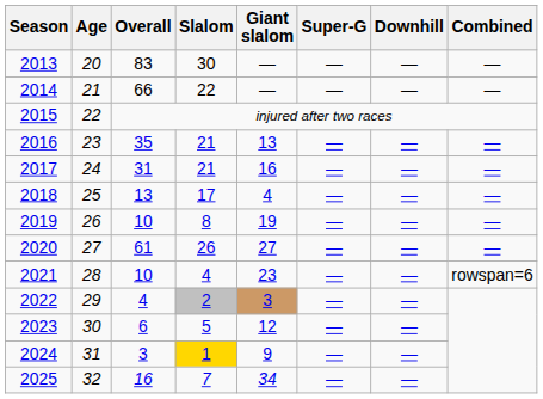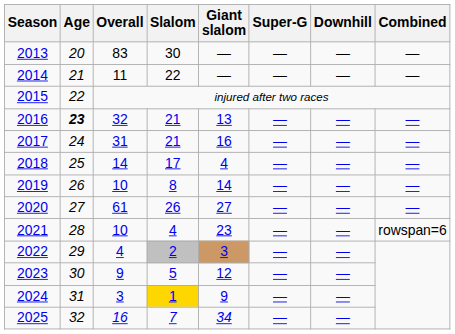 <table class=wikitable style="text-align:center">
 <tr>
 <th>Season</th>
 <th>Age</th>
 <th>Overall</th>
 <th>Slalom</th>
 <th>Giant<br>slalom</th>
 <th>Super-G</th>
 <th>Downhill</th>
 <th>Combined</th>
 </tr>
 <tr>
 <td><a href='#'>2013</a></td>
 <td><em>20</em></td>
 <td>83</td>
 <td>30</td>
 <td>—</td>
 <td>—</td>
 <td>—</td>
 <td>—</td>
 </tr>
 <tr>
 <td><a href='#'>2014</a></td>
 <td><em>21</em></td>
-<td>66</td>
+<td>11</td>
 <td>22</td>
 <td>—</td>
 <td>—</td>
 <td>—</td>
 <td>—</td>
 </tr>
 <tr>
 <td><a href='#'>2015</a></td>
 <td><em>22</em></td>
 <td colspan="6"><small><em>injured after two races</em></small></td>
 </tr>
 <tr>
 <td><a href='#'>2016</a></td>
-<td><em>23</em></td>
-<td><a href='#'>35</a></td>
+<td><strong><em>23</em></strong></td>
+<td><a href='#'>32</a></td>
 <td><a href='#'>21</a></td>
 <td><a href='#'>13</a></td>
 <td><a href='#'>—</a></td>
 <td><a href='#'>—</a></td>
 <td><a href='#'>—</a></td>
 </tr>
 <tr>
 <td><a href='#'>2017</a></td>
 <td><em>24</em></td>
 <td><a href='#'>31</a></td>
 <td><a href='#'>21</a></td>
 <td><a href='#'>16</a></td>
 <td><a href='#'>—</a></td>
 <td><a href='#'>—</a></td>
 <td><a href='#'>—</a></td>
 </tr>
 <tr>
 <td><a href='#'>2018</a></td>
 <td><em>25</em></td>
-<td><a href='#'>13</a></td>
+<td><a href='#'>14</a></td>
 <td><a href='#'>17</a></td>
 <td><a href='#'>4</a></td>
 <td><a href='#'>—</a></td>
 <td><a href='#'>—</a></td>
 <td><a href='#'>—</a></td>
 </tr>
 <tr>
 <td><a href='#'>2019</a></td>
 <td><em>26</em></td>
 <td><a href='#'>10</a></td>
 <td><a href='#'>8</a></td>
-<td><a href='#'>19</a></td>
+<td><a href='#'>14</a></td>
 <td><a href='#'>—</a></td>
 <td><a href='#'>—</a></td>
 <td><a href='#'>—</a></td>
 </tr>
 <tr>
 <td><a href='#'>2020</a></td>
 <td><em>27</em></td>
 <td><a href='#'>61</a></td>
 <td><a href='#'>26</a></td>
 <td><a href='#'>27</a></td>
 <td><a href='#'>—</a></td>
 <td><a href='#'>—</a></td>
 <td><a href='#'>—</a></td>
 </tr>
 <tr>
 <td><a href='#'>2021</a></td>
 <td><em>28</em></td>
 <td><a href='#'>10</a></td>
 <td><a href='#'>4</a></td>
 <td><a href='#'>23</a></td>
 <td><a href='#'>—</a></td>
 <td><a href='#'>—</a></td>
 <td>rowspan=6 </td>
 </tr>
 <tr>
 <td><a href='#'>2022</a></td>
 <td><em>29</em></td>
 <td><a href='#'>4</a></td>
 <td bgcolor="silver"><a href='#'>2</a></td>
 <td bgcolor="#c96"><a href='#'>3</a></td>
 <td><a href='#'>—</a></td>
 <td><a href='#'>—</a></td>
 </tr>
 <tr>
 <td><a href='#'>2023</a></td>
 <td><em>30</em></td>
-<td><a href='#'>6</a></td>
+<td><a href='#'>9</a></td>
 <td><a href='#'>5</a></td>
 <td><a href='#'>12</a></td>
 <td><a href='#'>—</a></td>
 <td><a href='#'>—</a></td>
 </tr>
 <tr>
 <td><a href='#'>2024</a></td>
 <td><em>31</em></td>
 <td><a href='#'>3</a></td>
 <td bgcolor="gold"><a href='#'>1</a></td>
 <td><a href='#'>9</a></td>
 <td><a href='#'>—</a></td>
 <td><a href='#'>—</a></td>
 </tr>
 <tr>
 <td><a href='#'>2025</a></td>
 <td><em>32</em></td>
 <td><a href='#'><em>16</em></a></td>
 <td><a href='#'><em>7</em></a></td>
 <td><a href='#'><em>34</em></a></td>
 <td><a href='#'>—</a></td>
 <td><a href='#'>—</a></td>
 </tr>
 </table>
